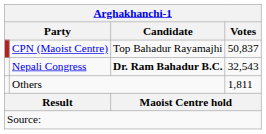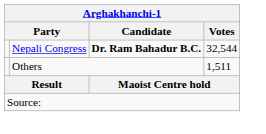 <table class="wikitable">
 <tr>
 <th colspan="4"><a href='#'>Arghakhanchi-1</a></th>
 </tr>
 <tr>
 <th colspan="2">Party</th>
 <th>Candidate</th>
 <th>Votes</th>
 </tr>
 <tr>
-<td style="background-color:firebrick"></td>
-<td><a href='#'>CPN (Maoist Centre)</a></td>
-<td>Top Bahadur Rayamajhi</td>
-<td>50,837</td>
-</tr>
-<tr>
 <td style="background-color:"></td>
 <td><a href='#'>Nepali Congress</a></td>
 <td><strong>Dr. Ram Bahadur B.C.</strong></td>
-<td>32,543</td>
+<td>32,544</td>
 </tr>
 <tr>
 <td></td>
 <td colspan="2">Others</td>
-<td>1,811</td>
+<td>1,511</td>
 </tr>
 <tr>
 <th colspan="2">Result</th>
 <th colspan="2">Maoist Centre hold</th>
 </tr>
 <tr>
 <td colspan="4">Source: </td>
 </tr>
 </table>
